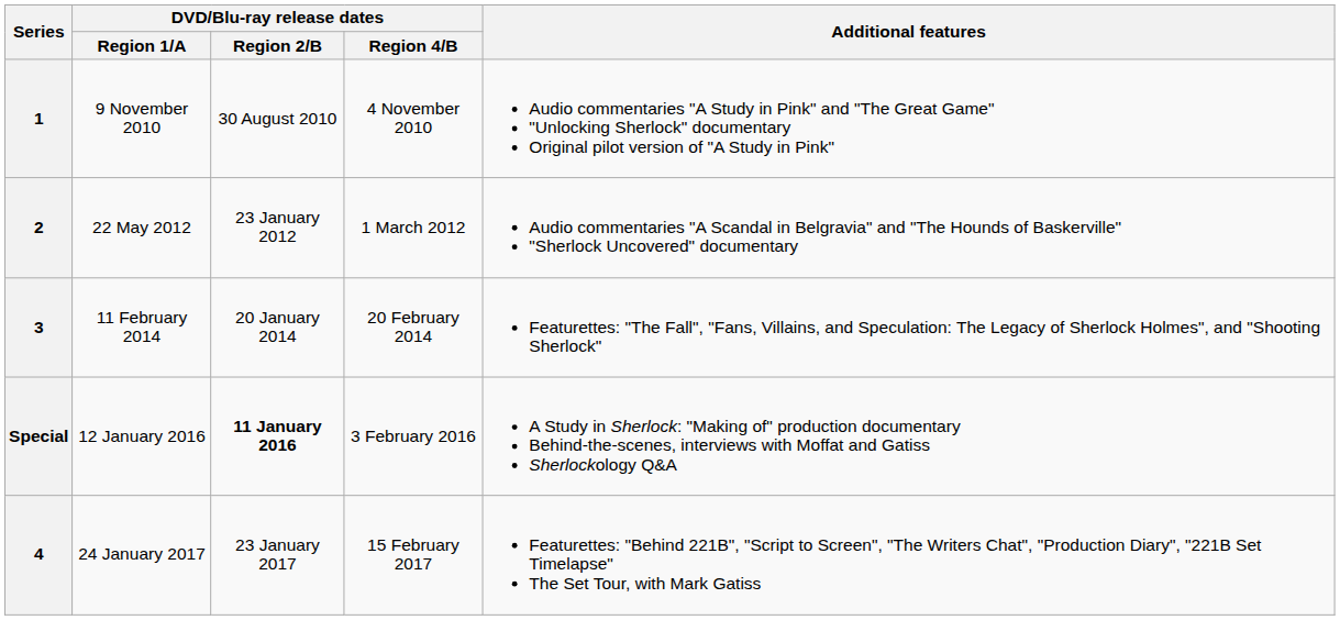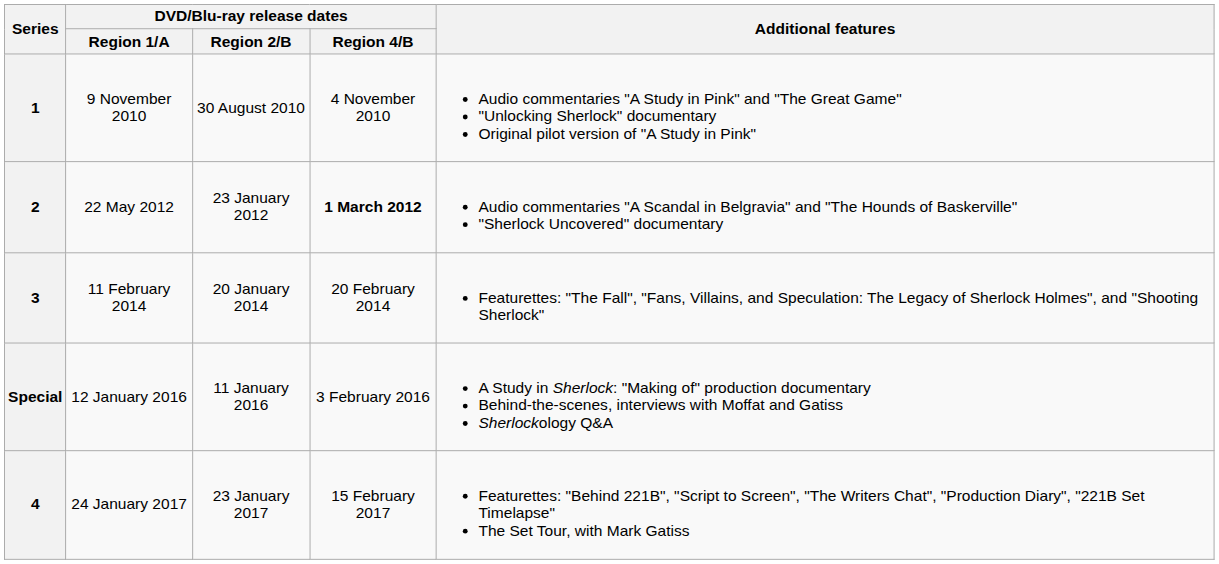 <table class="wikitable" style="text-align:center">
 <tr>
 <th rowspan="2">Series</th>
 <th colspan="3">DVD/Blu-ray release dates</th>
 <th rowspan="2">Additional features</th>
 </tr>
 <tr>
 <th>Region 1/A</th>
 <th>Region 2/B</th>
 <th>Region 4/B</th>
 </tr>
 <tr>
 <th>1</th>
 <td>9 November 2010</td>
 <td>30 August 2010</td>
 <td>4 November 2010</td>
 <td style="text-align:left"><br><ul><li>Audio commentaries "A Study in Pink" and "The Great Game"</li><li>"Unlocking Sherlock" documentary</li><li>Original pilot version of "A Study in Pink"</li></ul></td>
 </tr>
 <tr>
 <th>2</th>
 <td>22 May 2012</td>
 <td>23 January 2012</td>
-<td>1 March 2012</td>
+<td><strong>1 March 2012</strong></td>
 <td style="text-align:left"><br><ul><li>Audio commentaries "A Scandal in Belgravia" and "The Hounds of Baskerville"</li><li>"Sherlock Uncovered" documentary</li></ul></td>
 </tr>
 <tr>
 <th>3</th>
 <td>11 February 2014</td>
 <td>20 January 2014</td>
 <td>20 February 2014</td>
 <td style="text-align:left"><br><ul><li>Featurettes: "The Fall", "Fans, Villains, and Speculation: The Legacy of Sherlock Holmes", and "Shooting Sherlock"</li></ul></td>
 </tr>
 <tr>
 <th>Special</th>
 <td>12 January 2016</td>
-<td><strong>11 January 2016</strong></td>
+<td>11 January 2016</td>
 <td>3 February 2016</td>
 <td style="text-align:left"><br><ul><li>A Study in <em>Sherlock</em>: "Making of" production documentary</li><li>Behind-the-scenes, interviews with Moffat and Gatiss</li><li><em>Sherlock</em>ology Q&A</li></ul></td>
 </tr>
 <tr>
 <th>4</th>
 <td>24 January 2017</td>
 <td>23 January 2017</td>
 <td>15 February 2017</td>
 <td style="text-align:left"><br><ul><li>Featurettes: "Behind 221B", "Script to Screen", "The Writers Chat", "Production Diary", "221B Set Timelapse"</li><li>The Set Tour, with Mark Gatiss</li></ul></td>
 </tr>
 </table>
